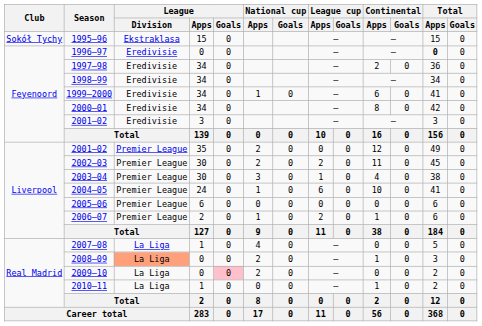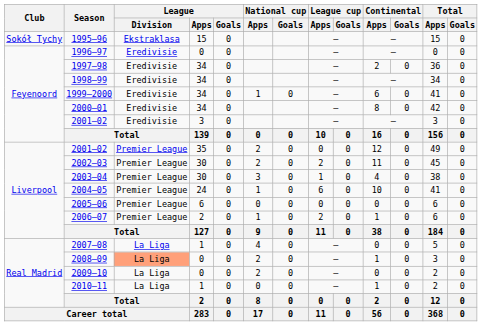 <table class="wikitable" style="text-align:center">
 <tr>
 <th rowspan="2">Club</th>
 <th rowspan="2">Season</th>
 <th colspan="3">League</th>
 <th colspan="2">National cup</th>
 <th colspan="2">League cup</th>
 <th colspan="2">Continental</th>
 <th colspan="2">Total</th>
 </tr>
 <tr>
 <th>Division</th>
 <th>Apps</th>
 <th>Goals</th>
 <th>Apps</th>
 <th>Goals</th>
 <th>Apps</th>
 <th>Goals</th>
 <th>Apps</th>
 <th>Goals</th>
 <th>Apps</th>
 <th>Goals</th>
 </tr>
 <tr>
 <td><a href='#'>Sokół Tychy</a></td>
 <td><a href='#'>1995–96</a></td>
 <td><a href='#'>Ekstraklasa</a></td>
 <td>15</td>
 <td>0</td>
 <td></td>
 <td></td>
 <td colspan="2">–</td>
 <td colspan="2">–</td>
 <td>15</td>
 <td>0</td>
 </tr>
 <tr>
 <td rowspan="7"><a href='#'>Feyenoord</a></td>
 <td><a href='#'>1996–97</a></td>
 <td><a href='#'>Eredivisie</a></td>
 <td>0</td>
 <td>0</td>
 <td></td>
 <td></td>
 <td colspan="2">–</td>
 <td colspan="2">–</td>
-<td><strong>0</strong></td>
+<td>0</td>
 <td>0</td>
 </tr>
 <tr>
 <td><a href='#'>1997–98</a></td>
 <td>Eredivisie</td>
 <td>34</td>
 <td>0</td>
 <td></td>
 <td></td>
 <td colspan="2">–</td>
 <td>2</td>
 <td>0</td>
 <td>36</td>
 <td>0</td>
 </tr>
 <tr>
 <td><a href='#'>1998–99</a></td>
 <td>Eredivisie</td>
 <td>34</td>
 <td>0</td>
 <td></td>
 <td></td>
 <td colspan="2">–</td>
 <td colspan="2">–</td>
 <td>34</td>
 <td>0</td>
 </tr>
 <tr>
 <td><a href='#'>1999–2000</a></td>
 <td>Eredivisie</td>
 <td>34</td>
 <td>0</td>
 <td>1</td>
 <td>0</td>
 <td colspan="2">–</td>
 <td>6</td>
 <td>0</td>
 <td>41</td>
 <td>0</td>
 </tr>
 <tr>
 <td><a href='#'>2000–01</a></td>
 <td>Eredivisie</td>
 <td>34</td>
 <td>0</td>
 <td></td>
 <td></td>
 <td colspan="2">–</td>
 <td>8</td>
 <td>0</td>
 <td>42</td>
 <td>0</td>
 </tr>
 <tr>
 <td><a href='#'>2001–02</a></td>
 <td>Eredivisie</td>
 <td>3</td>
 <td>0</td>
 <td></td>
 <td></td>
 <td colspan="2">–</td>
 <td colspan="2">–</td>
 <td>3</td>
 <td>0</td>
 </tr>
 <tr>
 <th colspan="2">Total</th>
 <th>139</th>
 <th>0</th>
 <th>0</th>
 <th>0</th>
 <th>10</th>
 <th>0</th>
 <th>16</th>
 <th>0</th>
 <th>156</th>
 <th>0</th>
 </tr>
 <tr>
 <td rowspan="7"><a href='#'>Liverpool</a></td>
 <td><a href='#'>2001–02</a></td>
 <td><a href='#'>Premier League</a></td>
 <td>35</td>
 <td>0</td>
 <td>2</td>
 <td>0</td>
 <td>0</td>
 <td>0</td>
 <td>12</td>
 <td>0</td>
 <td>49</td>
 <td>0</td>
 </tr>
 <tr>
 <td><a href='#'>2002–03</a></td>
 <td>Premier League</td>
 <td>30</td>
 <td>0</td>
 <td>2</td>
 <td>0</td>
 <td>2</td>
 <td>0</td>
 <td>11</td>
 <td>0</td>
 <td>45</td>
 <td>0</td>
 </tr>
 <tr>
 <td><a href='#'>2003–04</a></td>
 <td>Premier League</td>
 <td>30</td>
 <td>0</td>
 <td>3</td>
 <td>0</td>
 <td>1</td>
 <td>0</td>
 <td>4</td>
 <td>0</td>
 <td>38</td>
 <td>0</td>
 </tr>
 <tr>
 <td><a href='#'>2004–05</a></td>
 <td>Premier League</td>
 <td>24</td>
 <td>0</td>
 <td>1</td>
 <td>0</td>
 <td>6</td>
 <td>0</td>
 <td>10</td>
 <td>0</td>
 <td>41</td>
 <td>0</td>
 </tr>
 <tr>
 <td><a href='#'>2005–06</a></td>
 <td>Premier League</td>
 <td>6</td>
 <td>0</td>
 <td>0</td>
 <td>0</td>
 <td>0</td>
 <td>0</td>
 <td>0</td>
 <td>0</td>
 <td>6</td>
 <td>0</td>
 </tr>
 <tr>
 <td><a href='#'>2006–07</a></td>
 <td>Premier League</td>
 <td>2</td>
 <td>0</td>
 <td>1</td>
 <td>0</td>
 <td>2</td>
 <td>0</td>
 <td>1</td>
 <td>0</td>
 <td>6</td>
 <td>0</td>
 </tr>
 <tr>
 <th colspan="2">Total</th>
 <th>127</th>
 <th>0</th>
 <th>9</th>
 <th>0</th>
 <th>11</th>
 <th>0</th>
 <th>38</th>
 <th>0</th>
 <th>184</th>
 <th>0</th>
 </tr>
 <tr>
 <td rowspan="5"><a href='#'>Real Madrid</a></td>
 <td><a href='#'>2007–08</a></td>
 <td><a href='#'>La Liga</a></td>
 <td>1</td>
 <td>0</td>
 <td>4</td>
 <td>0</td>
 <td colspan="2">–</td>
 <td>0</td>
 <td>0</td>
 <td>5</td>
 <td>0</td>
 </tr>
 <tr>
 <td><a href='#'>2008–09</a></td>
 <td style="background: lightsalmon;">La Liga</td>
 <td>0</td>
 <td>0</td>
 <td>2</td>
 <td>0</td>
 <td colspan="2">–</td>
 <td>1</td>
 <td>0</td>
 <td>3</td>
 <td>0</td>
 </tr>
 <tr>
 <td><a href='#'>2009–10</a></td>
 <td>La Liga</td>
 <td>0</td>
-<td style="background: pink;">0</td>
+<td>0</td>
 <td>2</td>
 <td>0</td>
 <td colspan="2">–</td>
 <td>0</td>
 <td>0</td>
 <td>2</td>
 <td>0</td>
 </tr>
 <tr>
 <td><a href='#'>2010–11</a></td>
 <td>La Liga</td>
 <td>1</td>
 <td>0</td>
 <td>0</td>
 <td>0</td>
 <td colspan="2">–</td>
 <td>1</td>
 <td>0</td>
 <td>2</td>
 <td>0</td>
 </tr>
 <tr>
 <th colspan="2">Total</th>
 <th>2</th>
 <th>0</th>
 <th>8</th>
 <th>0</th>
 <th>0</th>
 <th>0</th>
 <th>2</th>
 <th>0</th>
 <th>12</th>
 <th>0</th>
 </tr>
 <tr>
 <th colspan="3">Career total</th>
 <th>283</th>
 <th>0</th>
 <th>17</th>
 <th>0</th>
 <th>11</th>
 <th>0</th>
 <th>56</th>
 <th>0</th>
 <th>368</th>
 <th>0</th>
 </tr>
 </table>
